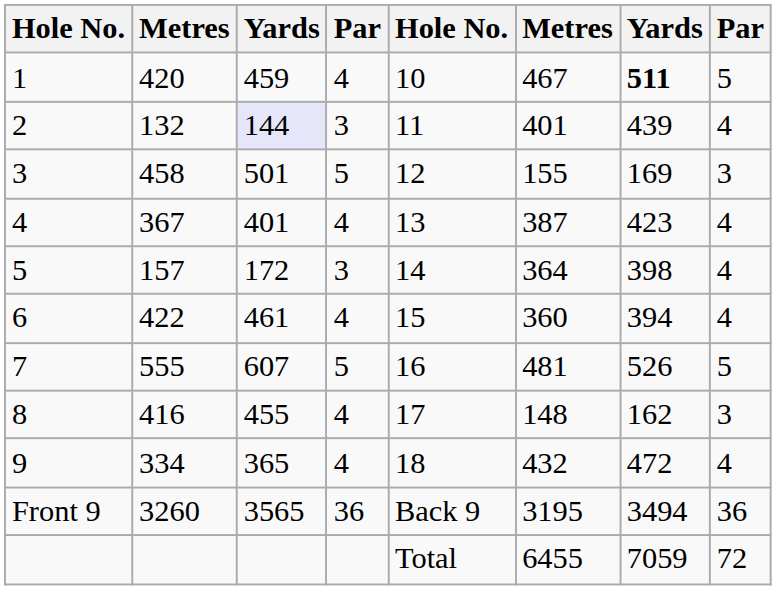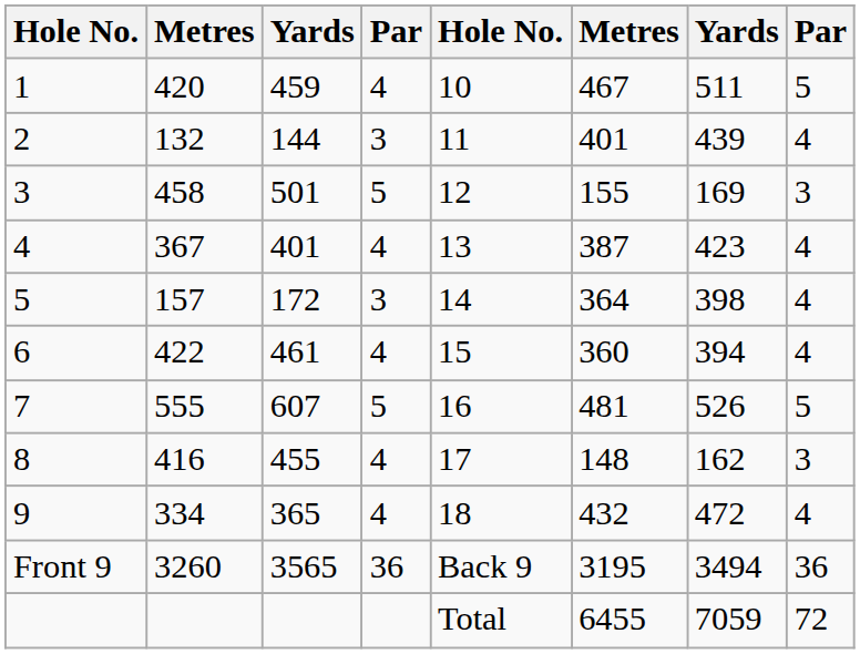 <table class="wikitable">
 <tr>
 <th>Hole No.</th>
 <th>Metres</th>
 <th>Yards</th>
 <th>Par</th>
 <th>Hole No.</th>
 <th>Metres</th>
 <th>Yards</th>
 <th>Par</th>
 </tr>
 <tr>
 <td>1</td>
 <td>420</td>
 <td>459</td>
 <td>4</td>
 <td>10</td>
 <td>467</td>
-<td><strong>511</strong></td>
+<td>511</td>
 <td>5</td>
 </tr>
 <tr>
 <td>2</td>
 <td>132</td>
-<td style="background: lavender;">144</td>
+<td>144</td>
 <td>3</td>
 <td>11</td>
 <td>401</td>
 <td>439</td>
 <td>4</td>
 </tr>
 <tr>
 <td>3</td>
 <td>458</td>
 <td>501</td>
 <td>5</td>
 <td>12</td>
 <td>155</td>
 <td>169</td>
 <td>3</td>
 </tr>
 <tr>
 <td>4</td>
 <td>367</td>
 <td>401</td>
 <td>4</td>
 <td>13</td>
 <td>387</td>
 <td>423</td>
 <td>4</td>
 </tr>
 <tr>
 <td>5</td>
 <td>157</td>
 <td>172</td>
 <td>3</td>
 <td>14</td>
 <td>364</td>
 <td>398</td>
 <td>4</td>
 </tr>
 <tr>
 <td>6</td>
 <td>422</td>
 <td>461</td>
 <td>4</td>
 <td>15</td>
 <td>360</td>
 <td>394</td>
 <td>4</td>
 </tr>
 <tr>
 <td>7</td>
 <td>555</td>
 <td>607</td>
 <td>5</td>
 <td>16</td>
 <td>481</td>
 <td>526</td>
 <td>5</td>
 </tr>
 <tr>
 <td>8</td>
 <td>416</td>
 <td>455</td>
 <td>4</td>
 <td>17</td>
 <td>148</td>
 <td>162</td>
 <td>3</td>
 </tr>
 <tr>
 <td>9</td>
 <td>334</td>
 <td>365</td>
 <td>4</td>
 <td>18</td>
 <td>432</td>
 <td>472</td>
 <td>4</td>
 </tr>
 <tr>
 <td>Front 9</td>
 <td>3260</td>
 <td>3565</td>
 <td>36</td>
 <td>Back 9</td>
 <td>3195</td>
 <td>3494</td>
 <td>36</td>
 </tr>
 <tr>
 <td></td>
 <td></td>
 <td></td>
 <td></td>
 <td>Total</td>
 <td>6455</td>
 <td>7059</td>
 <td>72</td>
 </tr>
 </table>
